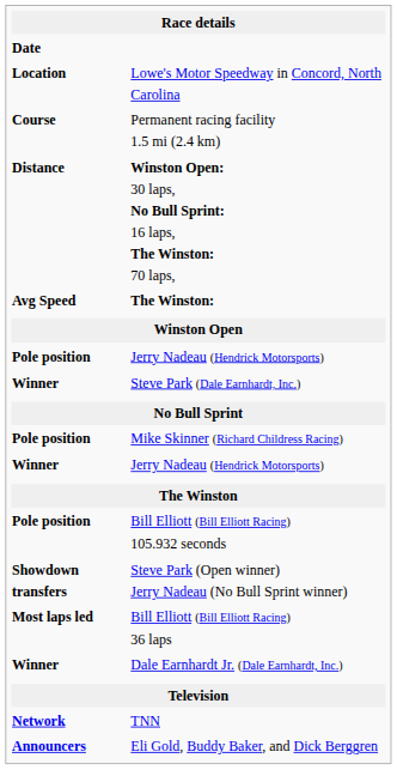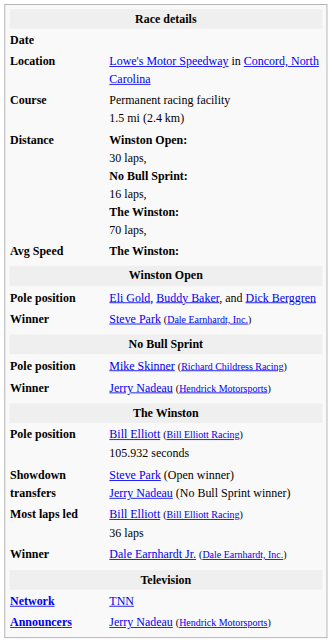 <table class="infobox vevent" style="width: 27em; font-size: 88%; line-height: 1.5em">
 <tr style="text-align: center; background: #ffffff;">
 <td align="center" style="background:#efefef;" colspan=2><strong>Race details</strong></td>
 </tr>
 <tr style="vertical-align: middle;">
 <td><strong>Date</strong></td>
 <td></td>
 </tr>
 <tr style="vertical-align: middle;">
 <td><strong>Location</strong></td>
 <td><a href='#'>Lowe's Motor Speedway</a> in <a href='#'>Concord, North Carolina</a></td>
 </tr>
 <tr style="vertical-align: middle;">
 <td><strong>Course</strong></td>
 <td>Permanent racing facility<br>1.5 mi (2.4 km)</td>
 </tr>
 <tr style="vertical-align: middle;">
 <td><strong>Distance</strong></td>
 <td><strong>Winston Open:</strong><br>30 laps, <br><strong>No Bull Sprint:</strong><br>16 laps, <br><strong>The Winston:</strong><br>70 laps, </td>
 </tr>
 <tr style="vertical-align: middle;">
 <td><strong>Avg Speed</strong></td>
 <td><strong>The Winston:</strong><br></td>
 </tr>
 <tr style="vertical-align: middle;">
 <td></td>
 </tr>
 <tr>
 <td align="center" style="background:#efefef;" colspan=2><strong>Winston Open</strong></td>
 </tr>
 <tr style="vertical-align: middle;">
 <td><strong>Pole position</strong></td>
-<td><a href='#'>Jerry Nadeau</a> <small>(<a href='#'>Hendrick Motorsports</a>)</small></td>
+<td><a href='#'>Eli Gold</a>, <a href='#'>Buddy Baker</a>, and <a href='#'>Dick Berggren</a></td>
 </tr>
 <tr style="vertical-align: middle;">
 <td><strong>Winner</strong></td>
 <td><a href='#'>Steve Park</a> <small>(<a href='#'>Dale Earnhardt, Inc.</a>)</small></td>
 </tr>
 <tr style="vertical-align: middle;">
 <td></td>
 </tr>
 <tr>
 <td align="center" style="background:#efefef;" colspan=2><strong>No Bull Sprint</strong></td>
 </tr>
 <tr style="vertical-align: middle;">
 <td><strong>Pole position</strong></td>
 <td><a href='#'>Mike Skinner</a> <small>(<a href='#'>Richard Childress Racing</a>)</small></td>
 </tr>
 <tr style="vertical-align: middle;">
 <td><strong>Winner</strong></td>
 <td><a href='#'>Jerry Nadeau</a> <small>(<a href='#'>Hendrick Motorsports</a>)</small></td>
 </tr>
 <tr style="vertical-align: middle;">
 <td></td>
 </tr>
 <tr>
 <td align="center" style="background:#efefef;" colspan=2><strong>The Winston</strong></td>
 </tr>
 <tr style="vertical-align: middle;">
 <td><strong>Pole position</strong></td>
 <td><a href='#'>Bill Elliott</a> <small>(<a href='#'>Bill Elliott Racing</a>)</small><br>105.932 seconds</td>
 </tr>
 <tr style="vertical-align: middle;">
 <td><strong>Showdown transfers</strong></td>
 <td><a href='#'>Steve Park</a> (Open winner)<br><a href='#'>Jerry Nadeau</a> (No Bull Sprint winner)</td>
 </tr>
 <tr style="vertical-align: middle;">
 <td><strong>Most laps led</strong></td>
 <td><a href='#'>Bill Elliott</a> <small>(<a href='#'>Bill Elliott Racing</a>)</small><br>36 laps</td>
 </tr>
 <tr style="vertical-align: middle;">
 <td><strong>Winner</strong></td>
 <td><a href='#'>Dale Earnhardt Jr.</a> <small>(<a href='#'>Dale Earnhardt, Inc.</a>)</small></td>
 </tr>
 <tr style="vertical-align: middle;">
 <td></td>
 </tr>
 <tr>
 <td align="center" style="background:#efefef;" colspan=2><strong>Television</strong></td>
 </tr>
 <tr style="vertical-align: middle;">
 <td><strong><a href='#'>Network</a></strong></td>
 <td><a href='#'>TNN</a></td>
 </tr>
 <tr style="vertical-align: middle;">
 <td><strong><a href='#'>Announcers</a></strong></td>
-<td><a href='#'>Eli Gold</a>, <a href='#'>Buddy Baker</a>, and <a href='#'>Dick Berggren</a></td>
+<td><a href='#'>Jerry Nadeau</a> <small>(<a href='#'>Hendrick Motorsports</a>)</small></td>
 </tr>
 </table>
